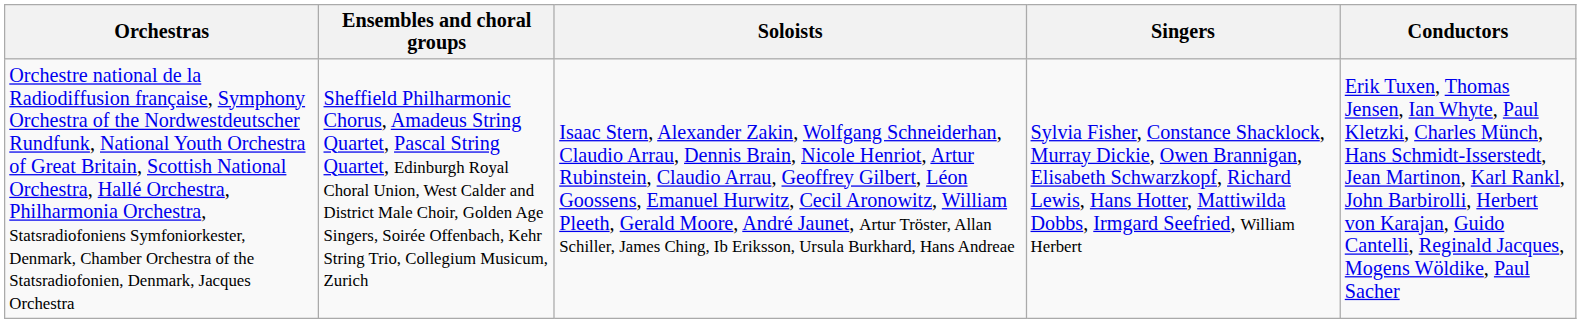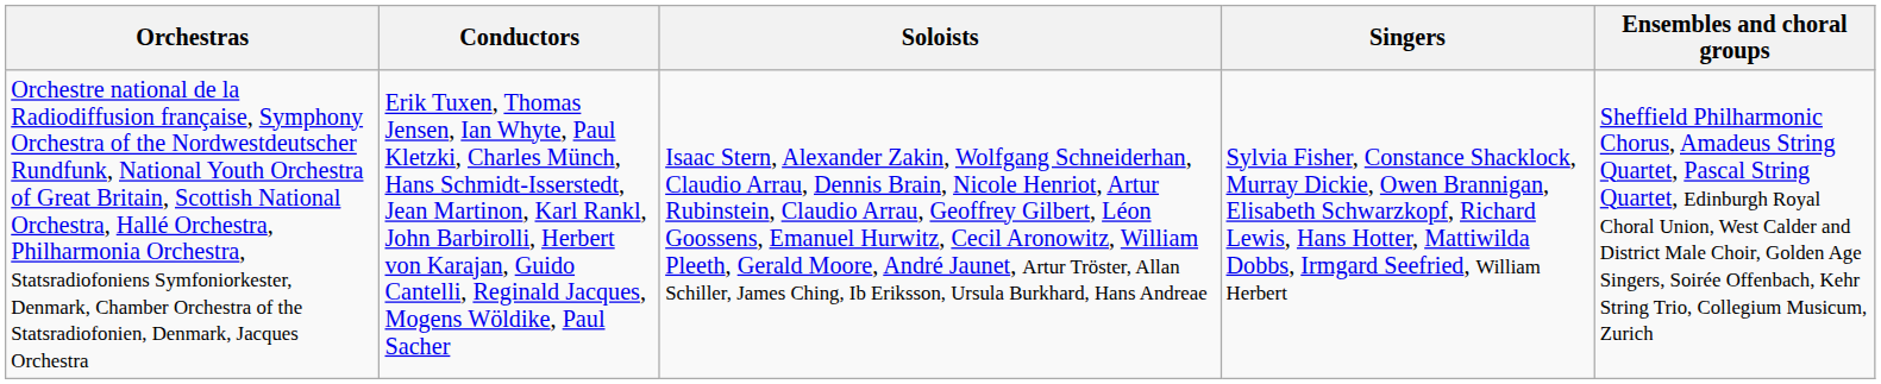 <table class="wikitable toptextcells">
 <tr class="hintergrundfarbe5">
 <th style="width:20%;">Orchestras</th>
-<th style="width:15%;">Ensembles and choral groups</th>
+<th style="width:15%;">Conductors</th>
 <th style="width:30%;">Soloists</th>
 <th style="width:20%;">Singers</th>
-<th style="width:15%;">Conductors</th>
+<th style="width:15%;">Ensembles and choral groups</th>
 </tr>
 <tr>
 <td><a href='#'>Orchestre national de la Radiodiffusion française</a>, <a href='#'>Symphony Orchestra of the Nordwestdeutscher Rundfunk</a>, <a href='#'>National Youth Orchestra of Great Britain</a>, <a href='#'>Scottish National Orchestra</a>, <a href='#'>Hallé Orchestra</a>, <a href='#'>Philharmonia Orchestra</a>, <small>Statsradiofoniens Symfoniorkester, Denmark, Chamber Orchestra of the Statsradiofonien, Denmark, Jacques Orchestra</small></td>
-<td><a href='#'>Sheffield Philharmonic Chorus</a>, <a href='#'>Amadeus String Quartet</a>, <a href='#'>Pascal String Quartet</a>, <small>Edinburgh Royal Choral Union, West Calder and District Male Choir, Golden Age Singers, Soirée Offenbach, Kehr String Trio, Collegium Musicum, Zurich</small></td>
+<td><a href='#'>Erik Tuxen</a>, <a href='#'>Thomas Jensen</a>, <a href='#'>Ian Whyte</a>, <a href='#'>Paul Kletzki</a>, <a href='#'>Charles Münch</a>, <a href='#'>Hans Schmidt-Isserstedt</a>, <a href='#'>Jean Martinon</a>, <a href='#'>Karl Rankl</a>, <a href='#'>John Barbirolli</a>, <a href='#'>Herbert von Karajan</a>, <a href='#'>Guido Cantelli</a>, <a href='#'>Reginald Jacques</a>, <a href='#'>Mogens Wöldike</a>, <a href='#'>Paul Sacher</a></td>
 <td><a href='#'>Isaac Stern</a>, <a href='#'>Alexander Zakin</a>, <a href='#'>Wolfgang Schneiderhan</a>, <a href='#'>Claudio Arrau</a>, <a href='#'>Dennis Brain</a>, <a href='#'>Nicole Henriot</a>, <a href='#'>Artur Rubinstein</a>, <a href='#'>Claudio Arrau</a>, <a href='#'>Geoffrey Gilbert</a>, <a href='#'>Léon Goossens</a>, <a href='#'>Emanuel Hurwitz</a>, <a href='#'>Cecil Aronowitz</a>, <a href='#'>William Pleeth</a>, <a href='#'>Gerald Moore</a>, <a href='#'>André Jaunet</a>, <small>Artur Tröster, Allan Schiller, James Ching, Ib Eriksson, Ursula Burkhard, Hans Andreae</small></td>
 <td><a href='#'>Sylvia Fisher</a>, <a href='#'>Constance Shacklock</a>, <a href='#'>Murray Dickie</a>, <a href='#'>Owen Brannigan</a>, <a href='#'>Elisabeth Schwarzkopf</a>, <a href='#'>Richard Lewis</a>, <a href='#'>Hans Hotter</a>, <a href='#'>Mattiwilda Dobbs</a>, <a href='#'>Irmgard Seefried</a>, <small>William Herbert</small></td>
-<td><a href='#'>Erik Tuxen</a>, <a href='#'>Thomas Jensen</a>, <a href='#'>Ian Whyte</a>, <a href='#'>Paul Kletzki</a>, <a href='#'>Charles Münch</a>, <a href='#'>Hans Schmidt-Isserstedt</a>, <a href='#'>Jean Martinon</a>, <a href='#'>Karl Rankl</a>, <a href='#'>John Barbirolli</a>, <a href='#'>Herbert von Karajan</a>, <a href='#'>Guido Cantelli</a>, <a href='#'>Reginald Jacques</a>, <a href='#'>Mogens Wöldike</a>, <a href='#'>Paul Sacher</a></td>
+<td><a href='#'>Sheffield Philharmonic Chorus</a>, <a href='#'>Amadeus String Quartet</a>, <a href='#'>Pascal String Quartet</a>, <small>Edinburgh Royal Choral Union, West Calder and District Male Choir, Golden Age Singers, Soirée Offenbach, Kehr String Trio, Collegium Musicum, Zurich</small></td>
 </tr>
 </table>
